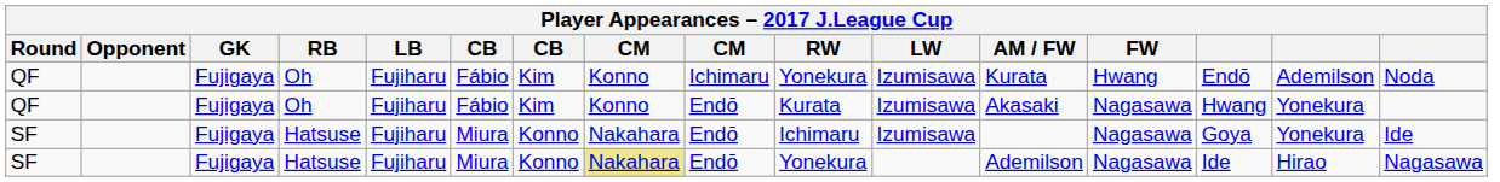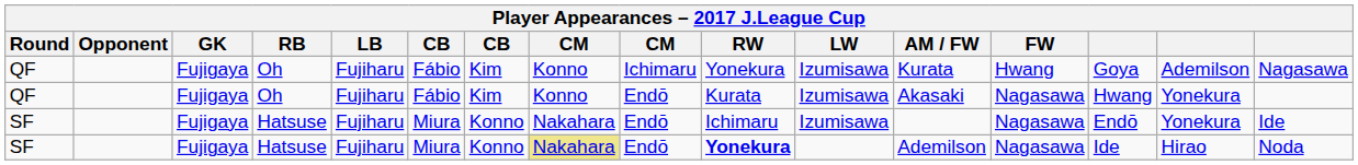 <table class="wikitable"  style="text-align:left; line-height:90%; font-size:90%; width:60%;">
 <tr>
 <th colspan=16>Player Appearances – <a href='#'>2017 J.League Cup</a></th>
 </tr>
 <tr>
 <th style="width:5%;">Round</th>
 <th style="width:20%;">Opponent</th>
 <th style="width:5%;">GK</th>
 <th style="width:5%;">RB</th>
 <th style="width:5%;">LB</th>
 <th style="width:5%;">CB</th>
 <th style="width:5%;">CB</th>
 <th style="width:5%;">CM</th>
 <th style="width:5%;">CM</th>
 <th style="width:5%;">RW</th>
 <th style="width:5%;">LW</th>
 <th style="width:5%;">AM / FW</th>
 <th style="width:5%;">FW</th>
 <th style="width:5%;"></th>
 <th style="width:5%;"></th>
 <th style="width:5%;"></th>
 </tr>
 <tr>
 <td align=centre>QF</td>
 <td align=left></td>
 <td><a href='#'>Fujigaya</a></td>
 <td><a href='#'>Oh</a></td>
 <td><a href='#'>Fujiharu</a></td>
 <td><a href='#'>Fábio</a></td>
 <td><a href='#'>Kim</a></td>
 <td><a href='#'>Konno</a></td>
 <td><a href='#'>Ichimaru</a></td>
 <td><a href='#'>Yonekura</a></td>
 <td><a href='#'>Izumisawa</a></td>
 <td><a href='#'>Kurata</a></td>
 <td><a href='#'>Hwang</a></td>
-<td><a href='#'>Endō</a></td>
+<td><a href='#'>Goya</a></td>
 <td><a href='#'>Ademilson</a></td>
-<td><a href='#'>Noda</a></td>
+<td><a href='#'>Nagasawa</a></td>
 </tr>
 <tr>
 <td align=centre>QF</td>
 <td align=left></td>
 <td><a href='#'>Fujigaya</a></td>
 <td><a href='#'>Oh</a></td>
 <td><a href='#'>Fujiharu</a></td>
 <td><a href='#'>Fábio</a></td>
 <td><a href='#'>Kim</a></td>
 <td><a href='#'>Konno</a></td>
 <td><a href='#'>Endō</a></td>
 <td><a href='#'>Kurata</a></td>
 <td><a href='#'>Izumisawa</a></td>
 <td><a href='#'>Akasaki</a></td>
 <td><a href='#'>Nagasawa</a></td>
 <td><a href='#'>Hwang</a></td>
 <td><a href='#'>Yonekura</a></td>
 <td></td>
 </tr>
 <tr>
 <td align=centre>SF</td>
 <td align=left></td>
 <td><a href='#'>Fujigaya</a></td>
 <td><a href='#'>Hatsuse</a></td>
 <td><a href='#'>Fujiharu</a></td>
 <td><a href='#'>Miura</a></td>
 <td><a href='#'>Konno</a></td>
 <td><a href='#'>Nakahara</a></td>
 <td><a href='#'>Endō</a></td>
 <td><a href='#'>Ichimaru</a></td>
 <td><a href='#'>Izumisawa</a></td>
 <td></td>
 <td><a href='#'>Nagasawa</a></td>
-<td><a href='#'>Goya</a></td>
+<td><a href='#'>Endō</a></td>
 <td><a href='#'>Yonekura</a></td>
 <td><a href='#'>Ide</a></td>
 </tr>
 <tr>
 <td align=centre>SF</td>
 <td align=left></td>
 <td><a href='#'>Fujigaya</a></td>
 <td><a href='#'>Hatsuse</a></td>
 <td><a href='#'>Fujiharu</a></td>
 <td><a href='#'>Miura</a></td>
 <td><a href='#'>Konno</a></td>
 <td style="background: khaki;"><a href='#'>Nakahara</a></td>
 <td><a href='#'>Endō</a></td>
-<td><a href='#'>Yonekura</a></td>
+<td><strong><a href='#'>Yonekura</a></strong></td>
 <td></td>
 <td><a href='#'>Ademilson</a></td>
 <td><a href='#'>Nagasawa</a></td>
 <td><a href='#'>Ide</a></td>
 <td><a href='#'>Hirao</a></td>
-<td><a href='#'>Nagasawa</a></td>
+<td><a href='#'>Noda</a></td>
 </tr>
 </table>
